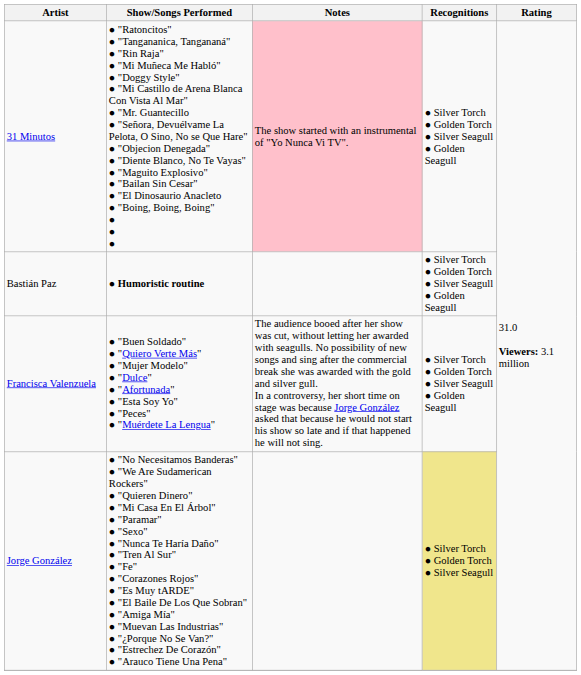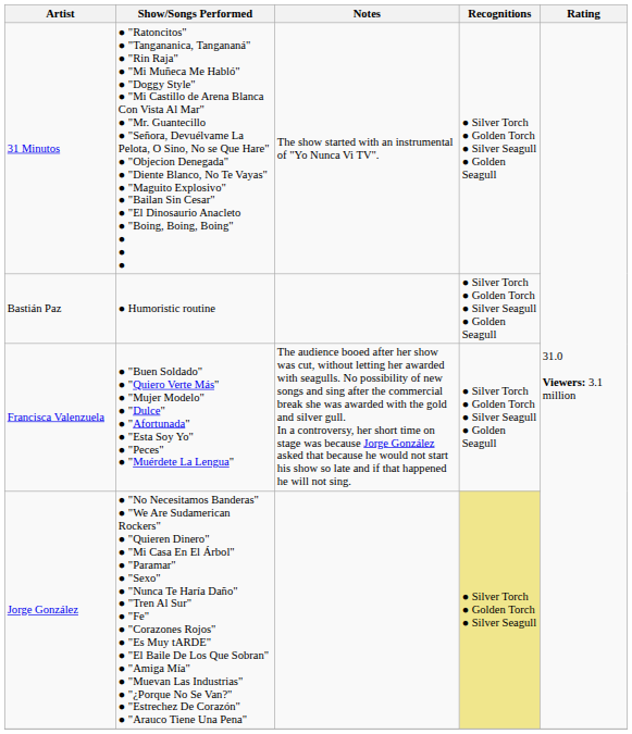 <table class="wikitable">
 <tr>
 <th width="170">Artist</th>
 <th width="250">Show/Songs Performed</th>
 <th width="300">Notes</th>
 <th width="110">Recognitions</th>
 <th width="130">Rating</th>
 </tr>
 <tr>
 <td><a href='#'>31 Minutos</a></td>
 <td>● "Ratoncitos" <br> ● "Tangananica, Tangananá"<br> ● "Rin Raja"<br> ● "Mi Muñeca Me Habló"<br>  ● "Doggy Style"<br> ● "Mi Castillo de Arena Blanca Con Vista Al Mar"<br> ● "Mr. Guantecillo<br> ● "Señora, Devuélvame La Pelota, O Sino, No se Que Hare"<br> ● "Objecion Denegada"<br> ● "Diente Blanco, No Te Vayas"<br> ● "Maguito Explosivo"<br> ● "Bailan Sin Cesar"<br> ● "El Dinosaurio Anacleto<br> ● "Boing, Boing, Boing"<br> ● <br> ● <br> ● <br></td>
-<td style="background: pink;">The show started with an instrumental of "Yo Nunca Vi TV".</td>
+<td>The show started with an instrumental of "Yo Nunca Vi TV".</td>
 <td>● Silver Torch<br> ● Golden Torch<br> ● Silver Seagull <br> ● Golden Seagull<br></td>
 <td rowspan="4">31.0<br><br> <strong>Viewers:</strong> 3.1 million</td>
 </tr>
 <tr>
 <td>Bastián Paz</td>
-<td><strong>● Humoristic routine</strong></td>
+<td>● Humoristic routine</td>
 <td></td>
 <td>● Silver Torch<br> ● Golden Torch<br> ● Silver Seagull <br> ● Golden Seagull<br></td>
 </tr>
 <tr>
 <td><a href='#'>Francisca Valenzuela</a></td>
 <td>● "Buen Soldado"<br> ● "<a href='#'>Quiero Verte Más</a>"<br> ● "Mujer Modelo"<br> ● "<a href='#'>Dulce</a>"<br> ● "<a href='#'>Afortunada</a>"<br> ● "Esta Soy Yo"<br> ● "Peces"<br> ● "<a href='#'>Muérdete La Lengua</a>"<br></td>
 <td>The audience booed after her show was cut, without letting her awarded with seagulls. No possibility of new songs and sing after the commercial break she was awarded with the gold and silver gull.<br>In a controversy, her short time on stage was because <a href='#'>Jorge González</a> asked that because he would not start his show so late and if that happened he will not sing.</td>
 <td>● Silver Torch<br> ● Golden Torch<br> ● Silver Seagull <br> ● Golden Seagull<br></td>
 </tr>
 <tr>
 <td><a href='#'>Jorge González</a></td>
 <td>● "No Necesitamos Banderas"<br> ● "We Are Sudamerican Rockers"<br> ● "Quieren Dinero"<br> ● "Mi Casa En El Árbol"<br> ● "Paramar"<br> ● "Sexo"<br> ● "Nunca Te Haría Daño"<br> ● "Tren Al Sur"<br> ● "Fe"<br> ● "Corazones Rojos"<br> ● "Es Muy tARDE" <br> ● "El Baile De Los Que Sobran"<br> ● "Amiga Mía"<br> ● "Muevan Las Industrias"<br> ● "¿Porque No Se Van?"<br> ● "Estrechez De Corazón"<br> ● "Arauco Tiene Una Pena"<br></td>
 <td></td>
 <td style="background: khaki;">● Silver Torch<br> ● Golden Torch<br> ● Silver Seagull</td>
 </tr>
 <tr>
 </tr>
 </table>
